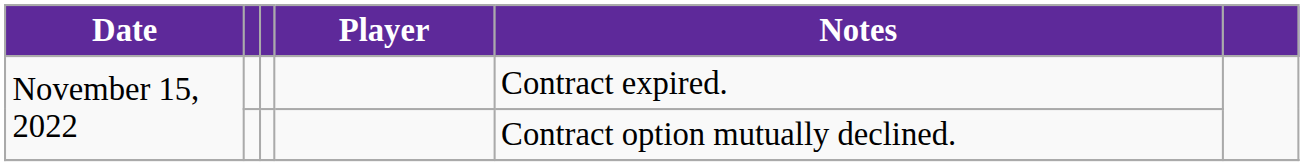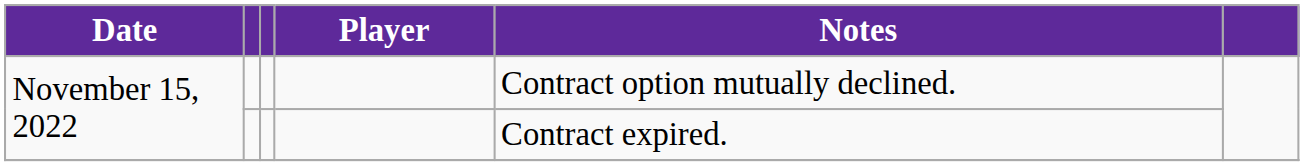 <table class="wikitable sortable">
 <tr>
 <th style="background:#5E299A; color:#fff; width:110px;" data-sort-type="date" scope="col">Date</th>
 <th style="background:#5E299A; color:#fff;" scope="col"></th>
 <th style="background:#5E299A; color:#fff;" scope="col"></th>
 <th style="background:#5E299A; color:#fff; width:100px;" scope="col">Player</th>
 <th style="background:#5E299A; color:#fff; width:350px;" scope="col">Notes</th>
 <th style="background:#5E299A; color:#fff; width:30px;" scope="col"></th>
 </tr>
 <tr>
 <td rowspan=2>November 15, 2022</td>
 <td></td>
 <td></td>
 <td></td>
-<td>Contract expired.</td>
+<td>Contract option mutually declined.</td>
 <td rowspan=2></td>
 </tr>
 <tr>
 <td></td>
 <td></td>
 <td></td>
-<td>Contract option mutually declined.</td>
+<td>Contract expired.</td>
 </tr>
 <tr>
 </tr>
 </table>
